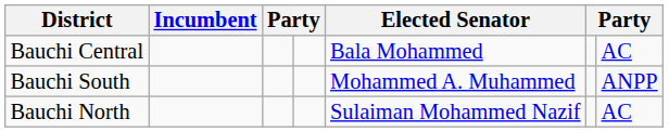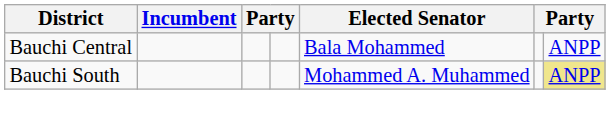 <table class="sortable wikitable" style="font-size:95%;line-height:14px;">
 <tr>
 <th class="unsortable">District</th>
 <th class="unsortable"><a href='#'>Incumbent</a></th>
 <th colspan="2">Party</th>
 <th class="unsortable">Elected Senator</th>
 <th colspan="2">Party</th>
 </tr>
 <tr>
 <td>Bauchi Central</td>
 <td></td>
 <td></td>
 <td></td>
 <td><a href='#'>Bala Mohammed</a></td>
 <td style="background:"></td>
-<td><a href='#'>AC</a></td>
+<td><a href='#'>ANPP</a></td>
 </tr>
 <tr>
 <td>Bauchi South</td>
 <td></td>
 <td></td>
 <td></td>
 <td><a href='#'>Mohammed A. Muhammed</a></td>
 <td style="background:"></td>
-<td><a href='#'>ANPP</a></td>
-</tr>
-<tr>
-<td>Bauchi North</td>
-<td></td>
-<td></td>
-<td></td>
-<td><a href='#'>Sulaiman Mohammed Nazif</a></td>
-<td style="background:"></td>
-<td><a href='#'>AC</a></td>
+<td style="background: khaki;"><a href='#'>ANPP</a></td>
 </tr>
 </table>
